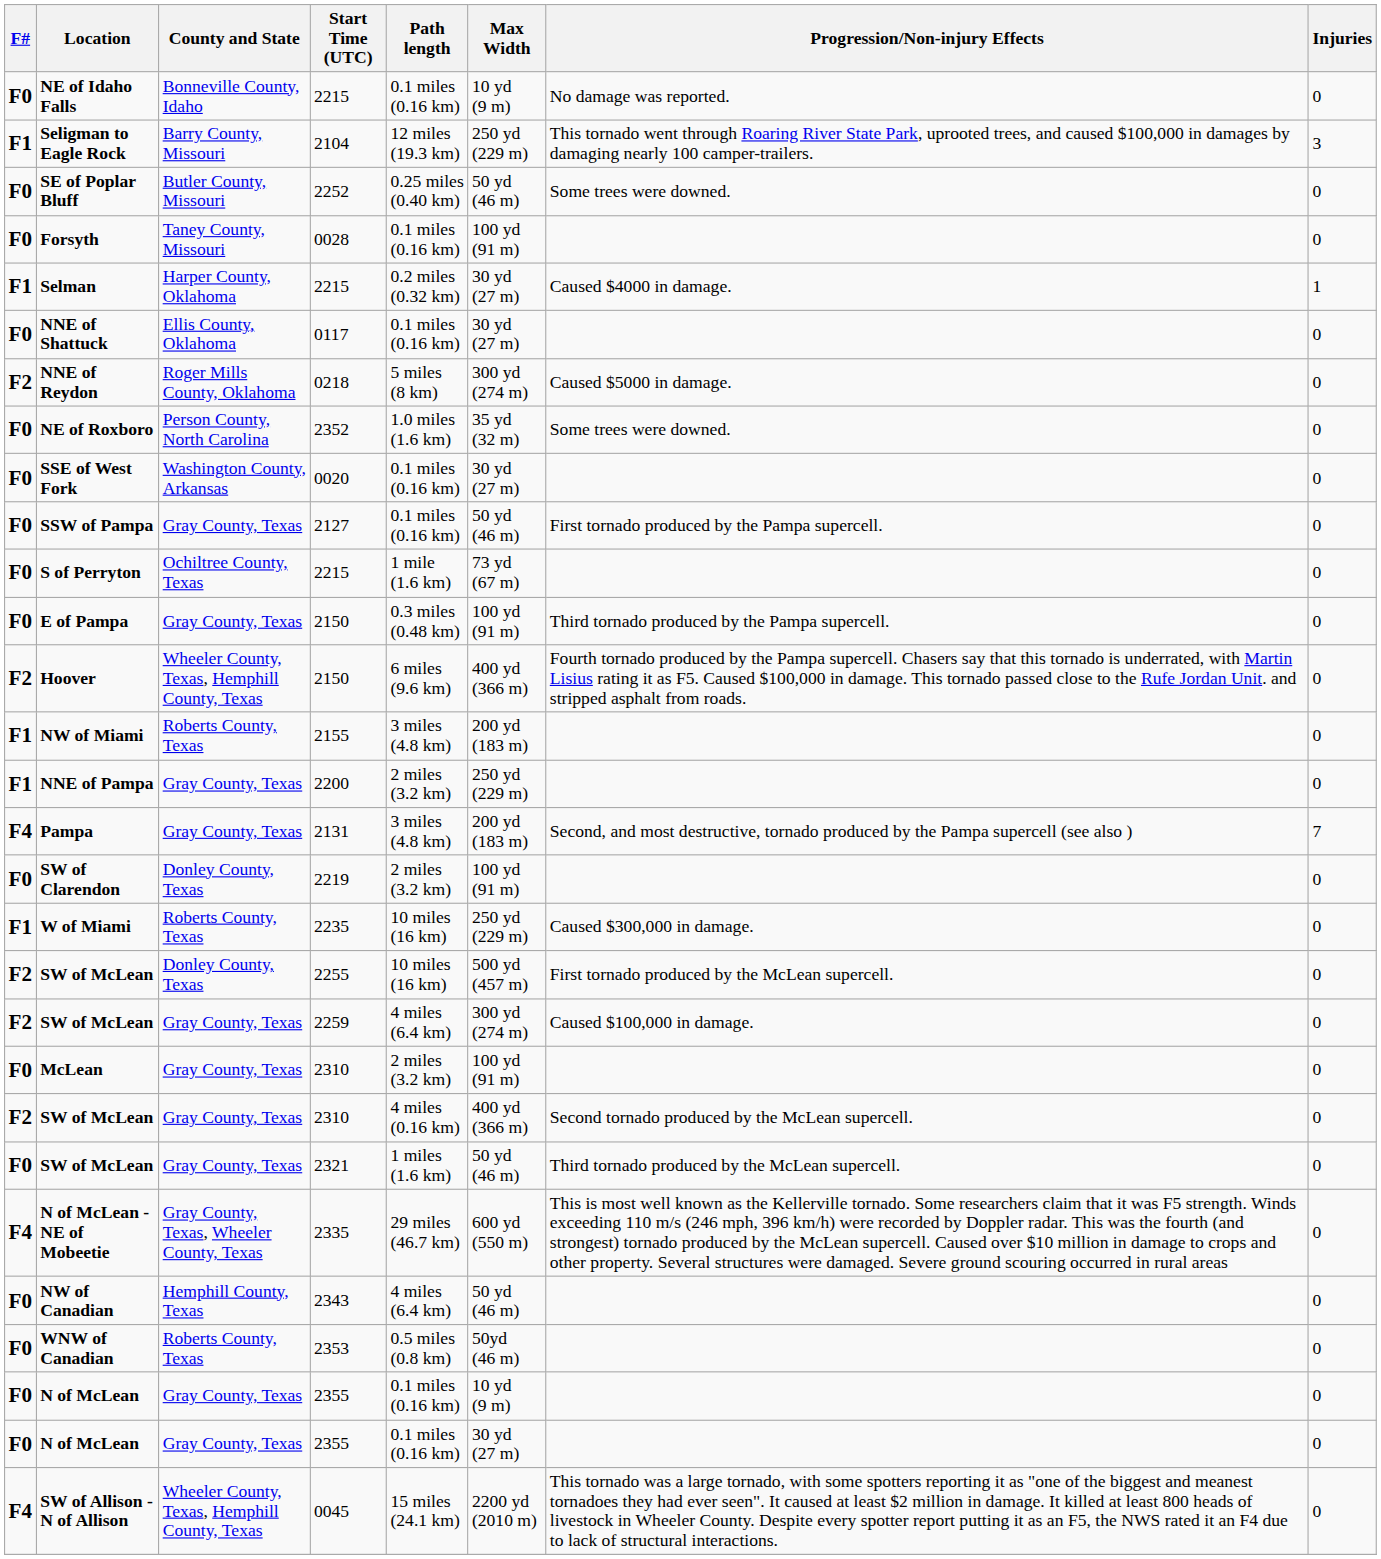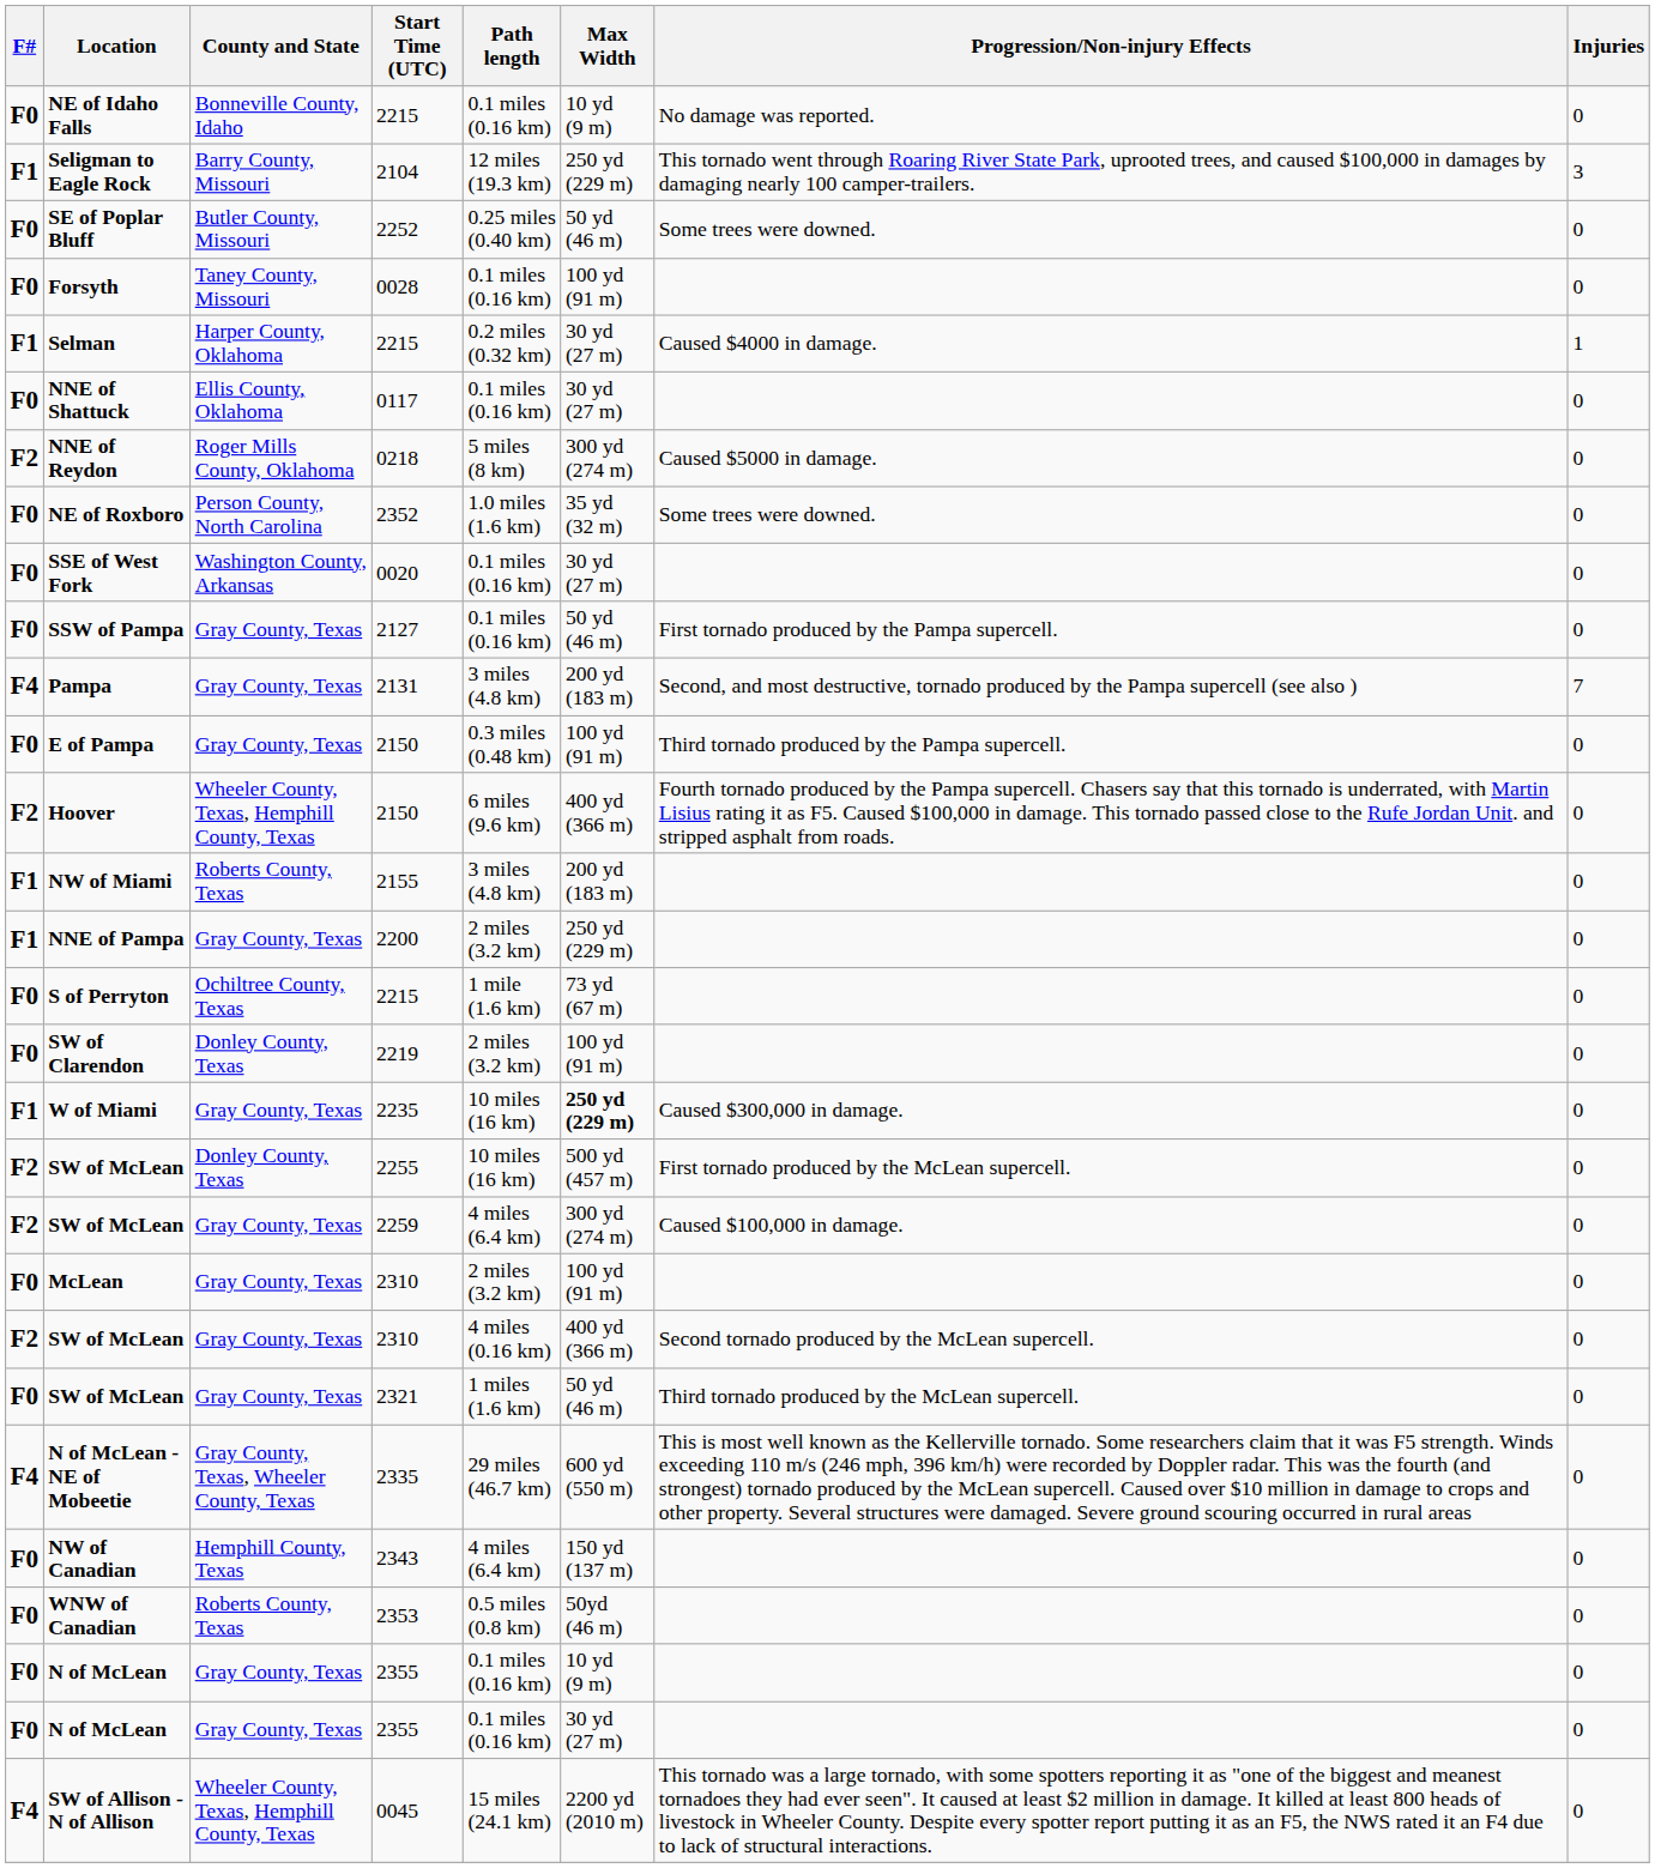 <table class="wikitable">
 <tr>
 <th><strong><a href='#'>F#</a></strong></th>
 <th><strong>Location</strong></th>
 <th><strong>County and State</strong></th>
 <th><strong>Start Time (UTC)</strong></th>
 <th><strong>Path length</strong></th>
 <th><strong>Max Width</strong></th>
 <th><strong>Progression/Non-injury Effects</strong></th>
 <th><strong>Injuries</strong></th>
 </tr>
 <tr>
 <td><big><strong>F0</strong></big></td>
 <td><strong>NE of Idaho Falls</strong></td>
 <td><a href='#'>Bonneville County, Idaho</a></td>
 <td>2215</td>
 <td>0.1 miles <br>(0.16 km)</td>
 <td>10 yd <br>(9 m)</td>
 <td>No damage was reported.</td>
 <td>0</td>
 </tr>
 <tr>
 <td><big><strong>F1</strong></big></td>
 <td><strong>Seligman to Eagle Rock</strong></td>
 <td><a href='#'>Barry County, Missouri</a></td>
 <td>2104</td>
 <td>12 miles <br>(19.3 km)</td>
 <td>250 yd <br>(229 m)</td>
 <td>This tornado went through <a href='#'>Roaring River State Park</a>, uprooted trees, and caused $100,000  in damages by damaging nearly 100 camper-trailers.</td>
 <td>3</td>
 </tr>
 <tr>
 <td><big><strong>F0</strong></big></td>
 <td><strong>SE of Poplar Bluff</strong></td>
 <td><a href='#'>Butler County, Missouri</a></td>
 <td>2252</td>
 <td>0.25 miles <br>(0.40 km)</td>
 <td>50 yd <br>(46 m)</td>
 <td>Some trees were downed.</td>
 <td>0</td>
 </tr>
 <tr>
 <td><big><strong>F0</strong></big></td>
 <td><strong>Forsyth</strong></td>
 <td><a href='#'>Taney County, Missouri</a></td>
 <td>0028</td>
 <td>0.1 miles <br>(0.16 km)</td>
 <td>100 yd <br>(91 m)</td>
 <td></td>
 <td>0</td>
 </tr>
 <tr>
 <td><big><strong>F1</strong></big></td>
 <td><strong>Selman</strong></td>
 <td><a href='#'>Harper County, Oklahoma</a></td>
 <td>2215</td>
 <td>0.2 miles <br>(0.32 km)</td>
 <td>30 yd <br>(27 m)</td>
 <td>Caused $4000  in damage.</td>
 <td>1</td>
 </tr>
 <tr>
 <td><big><strong>F0</strong></big></td>
 <td><strong>NNE of Shattuck</strong></td>
 <td><a href='#'>Ellis County, Oklahoma</a></td>
 <td>0117</td>
 <td>0.1 miles <br>(0.16 km)</td>
 <td>30 yd <br>(27 m)</td>
 <td></td>
 <td>0</td>
 </tr>
 <tr>
 <td><big><strong>F2</strong></big></td>
 <td><strong>NNE of Reydon</strong></td>
 <td><a href='#'>Roger Mills County, Oklahoma</a></td>
 <td>0218</td>
 <td>5 miles <br>(8 km)</td>
 <td>300 yd <br>(274 m)</td>
 <td>Caused $5000  in damage.</td>
 <td>0</td>
 </tr>
 <tr>
 <td><big><strong>F0</strong></big></td>
 <td><strong>NE of Roxboro</strong></td>
 <td><a href='#'>Person County, North Carolina</a></td>
 <td>2352</td>
 <td>1.0 miles <br>(1.6 km)</td>
 <td>35 yd <br>(32 m)</td>
 <td>Some trees were downed.</td>
 <td>0</td>
 </tr>
 <tr>
 <td><big><strong>F0</strong></big></td>
 <td><strong>SSE of West Fork</strong></td>
 <td><a href='#'>Washington County, Arkansas</a></td>
 <td>0020</td>
 <td>0.1 miles <br>(0.16 km)</td>
 <td>30 yd <br>(27 m)</td>
 <td></td>
 <td>0</td>
 </tr>
 <tr>
 <td><big><strong>F0</strong></big></td>
 <td><strong>SSW of Pampa</strong></td>
 <td><a href='#'>Gray County, Texas</a></td>
 <td>2127</td>
 <td>0.1 miles <br>(0.16 km)</td>
 <td>50 yd <br>(46 m)</td>
 <td>First tornado produced by the Pampa supercell.</td>
 <td>0</td>
 </tr>
 <tr>
-<td><big><strong>F0</strong></big></td>
-<td><strong>S of Perryton</strong></td>
-<td><a href='#'>Ochiltree County, Texas</a></td>
-<td>2215</td>
-<td>1 mile <br>(1.6 km)</td>
-<td>73 yd <br>(67 m)</td>
-<td></td>
-<td>0</td>
+<td><big><strong>F4</strong></big></td>
+<td><strong>Pampa</strong></td>
+<td><a href='#'>Gray County, Texas</a></td>
+<td>2131</td>
+<td>3 miles <br>(4.8 km)</td>
+<td>200 yd <br>(183 m)</td>
+<td>Second, and most destructive, tornado produced by the Pampa supercell (see also )</td>
+<td>7</td>
 </tr>
 <tr>
 <td><big><strong>F0</strong></big></td>
 <td><strong>E of Pampa</strong></td>
 <td><a href='#'>Gray County, Texas</a></td>
 <td>2150</td>
 <td>0.3 miles <br>(0.48 km)</td>
 <td>100 yd <br>(91 m)</td>
 <td>Third tornado produced by the Pampa supercell.</td>
 <td>0</td>
 </tr>
 <tr>
 <td><big><strong>F2</strong></big></td>
 <td><strong>Hoover</strong></td>
 <td><a href='#'>Wheeler County, Texas</a>, <a href='#'>Hemphill County, Texas</a></td>
 <td>2150</td>
 <td>6 miles <br>(9.6 km)</td>
 <td>400 yd <br>(366 m)</td>
 <td>Fourth tornado produced by the Pampa supercell. Chasers say that this tornado is underrated, with <a href='#'>Martin Lisius</a> rating it as F5. Caused $100,000  in damage. This tornado passed close to the <a href='#'>Rufe Jordan Unit</a>. and stripped asphalt from roads.</td>
 <td>0</td>
 </tr>
 <tr>
 <td><big><strong>F1</strong></big></td>
 <td><strong>NW of Miami</strong></td>
 <td><a href='#'>Roberts County, Texas</a></td>
 <td>2155</td>
 <td>3 miles <br>(4.8 km)</td>
 <td>200 yd <br>(183 m)</td>
 <td></td>
 <td>0</td>
 </tr>
 <tr>
 <td><big><strong>F1</strong></big></td>
 <td><strong>NNE of Pampa</strong></td>
 <td><a href='#'>Gray County, Texas</a></td>
 <td>2200</td>
 <td>2 miles <br>(3.2 km)</td>
 <td>250 yd <br>(229 m)</td>
 <td></td>
 <td>0</td>
 </tr>
 <tr>
-<td><big><strong>F4</strong></big></td>
-<td><strong>Pampa</strong></td>
-<td><a href='#'>Gray County, Texas</a></td>
-<td>2131</td>
-<td>3 miles <br>(4.8 km)</td>
-<td>200 yd <br>(183 m)</td>
-<td>Second, and most destructive, tornado produced by the Pampa supercell (see also )</td>
-<td>7</td>
+<td><big><strong>F0</strong></big></td>
+<td><strong>S of Perryton</strong></td>
+<td><a href='#'>Ochiltree County, Texas</a></td>
+<td>2215</td>
+<td>1 mile <br>(1.6 km)</td>
+<td>73 yd <br>(67 m)</td>
+<td></td>
+<td>0</td>
 </tr>
 <tr>
 <td><big><strong>F0</strong></big></td>
 <td><strong>SW of Clarendon</strong></td>
 <td><a href='#'>Donley County, Texas</a></td>
 <td>2219</td>
 <td>2 miles <br>(3.2 km)</td>
 <td>100 yd <br>(91 m)</td>
 <td></td>
 <td>0</td>
 </tr>
 <tr>
 <td><big><strong>F1</strong></big></td>
 <td><strong>W of Miami</strong></td>
-<td><a href='#'>Roberts County, Texas</a></td>
+<td><a href='#'>Gray County, Texas</a></td>
 <td>2235</td>
 <td>10 miles <br>(16 km)</td>
-<td>250 yd <br>(229 m)</td>
+<td><strong>250 yd <br>(229 m)</strong></td>
 <td>Caused $300,000  in damage.</td>
 <td>0</td>
 </tr>
 <tr>
 <td><big><strong>F2</strong></big></td>
 <td><strong>SW of McLean</strong></td>
 <td><a href='#'>Donley County, Texas</a></td>
 <td>2255</td>
 <td>10 miles <br>(16 km)</td>
 <td>500 yd <br>(457 m)</td>
 <td>First tornado produced by the McLean supercell.</td>
 <td>0</td>
 </tr>
 <tr>
 <td><big><strong>F2</strong></big></td>
 <td><strong>SW of McLean</strong></td>
 <td><a href='#'>Gray County, Texas</a></td>
 <td>2259</td>
 <td>4 miles <br>(6.4 km)</td>
 <td>300 yd <br>(274 m)</td>
 <td>Caused $100,000  in damage.</td>
 <td>0</td>
 </tr>
 <tr>
 <td><big><strong>F0</strong></big></td>
 <td><strong>McLean</strong></td>
 <td><a href='#'>Gray County, Texas</a></td>
 <td>2310</td>
 <td>2 miles <br>(3.2 km)</td>
 <td>100 yd <br>(91 m)</td>
 <td></td>
 <td>0</td>
 </tr>
 <tr>
 <td><big><strong>F2</strong></big></td>
 <td><strong>SW of McLean</strong></td>
 <td><a href='#'>Gray County, Texas</a></td>
 <td>2310</td>
 <td>4 miles <br>(0.16 km)</td>
 <td>400 yd <br>(366 m)</td>
 <td>Second tornado produced by the McLean supercell.</td>
 <td>0</td>
 </tr>
 <tr>
 <td><big><strong>F0</strong></big></td>
 <td><strong>SW of McLean</strong></td>
 <td><a href='#'>Gray County, Texas</a></td>
 <td>2321</td>
 <td>1 miles <br>(1.6 km)</td>
 <td>50 yd <br>(46 m)</td>
 <td>Third tornado produced by the McLean supercell.</td>
 <td>0</td>
 </tr>
 <tr>
 <td><big><strong>F4</strong></big></td>
 <td><strong>N of McLean - NE of Mobeetie</strong></td>
 <td><a href='#'>Gray County, Texas</a>, <a href='#'>Wheeler County, Texas</a></td>
 <td>2335</td>
 <td>29 miles <br>(46.7 km)</td>
 <td>600 yd <br>(550 m)</td>
 <td>This is most well known as the Kellerville tornado. Some researchers claim that it was F5 strength. Winds exceeding 110 m/s (246 mph, 396 km/h) were recorded by Doppler radar. This was the fourth (and strongest) tornado produced by the McLean supercell. Caused over $10 million  in damage to crops and other property. Several structures were damaged. Severe ground scouring occurred in rural areas</td>
 <td>0</td>
 </tr>
 <tr>
 <td><big><strong>F0</strong></big></td>
 <td><strong>NW of Canadian</strong></td>
 <td><a href='#'>Hemphill County, Texas</a></td>
 <td>2343</td>
 <td>4 miles <br>(6.4 km)</td>
-<td>50 yd <br>(46 m)</td>
+<td>150 yd <br>(137 m)</td>
 <td></td>
 <td>0</td>
 </tr>
 <tr>
 <td><big><strong>F0</strong></big></td>
 <td><strong>WNW of Canadian</strong></td>
 <td><a href='#'>Roberts County, Texas</a></td>
 <td>2353</td>
 <td>0.5 miles <br>(0.8 km)</td>
 <td>50yd <br>(46 m)</td>
 <td></td>
 <td>0</td>
 </tr>
 <tr>
 <td><big><strong>F0</strong></big></td>
 <td><strong>N of McLean</strong></td>
 <td><a href='#'>Gray County, Texas</a></td>
 <td>2355</td>
 <td>0.1 miles <br>(0.16 km)</td>
 <td>10 yd <br>(9 m)</td>
 <td></td>
 <td>0</td>
 </tr>
 <tr>
 <td><big><strong>F0</strong></big></td>
 <td><strong>N of McLean</strong></td>
 <td><a href='#'>Gray County, Texas</a></td>
 <td>2355</td>
 <td>0.1 miles <br>(0.16 km)</td>
 <td>30 yd <br>(27 m)</td>
 <td></td>
 <td>0</td>
 </tr>
 <tr>
 <td><big><strong>F4</strong></big></td>
 <td><strong>SW of Allison - N of Allison</strong></td>
 <td><a href='#'>Wheeler County, Texas</a>, <a href='#'>Hemphill County, Texas</a></td>
 <td>0045</td>
 <td>15 miles <br>(24.1 km)</td>
 <td>2200 yd <br>(2010 m)</td>
 <td>This tornado was a large tornado, with some spotters reporting it as "one of the biggest and meanest tornadoes they had ever seen". It caused at least $2 million  in damage. It killed at least 800 heads of livestock in Wheeler County. Despite every spotter report putting it as an F5, the NWS rated it an F4 due to lack of structural interactions.</td>
 <td>0</td>
 </tr>
 <tr>
 </tr>
 </table>
